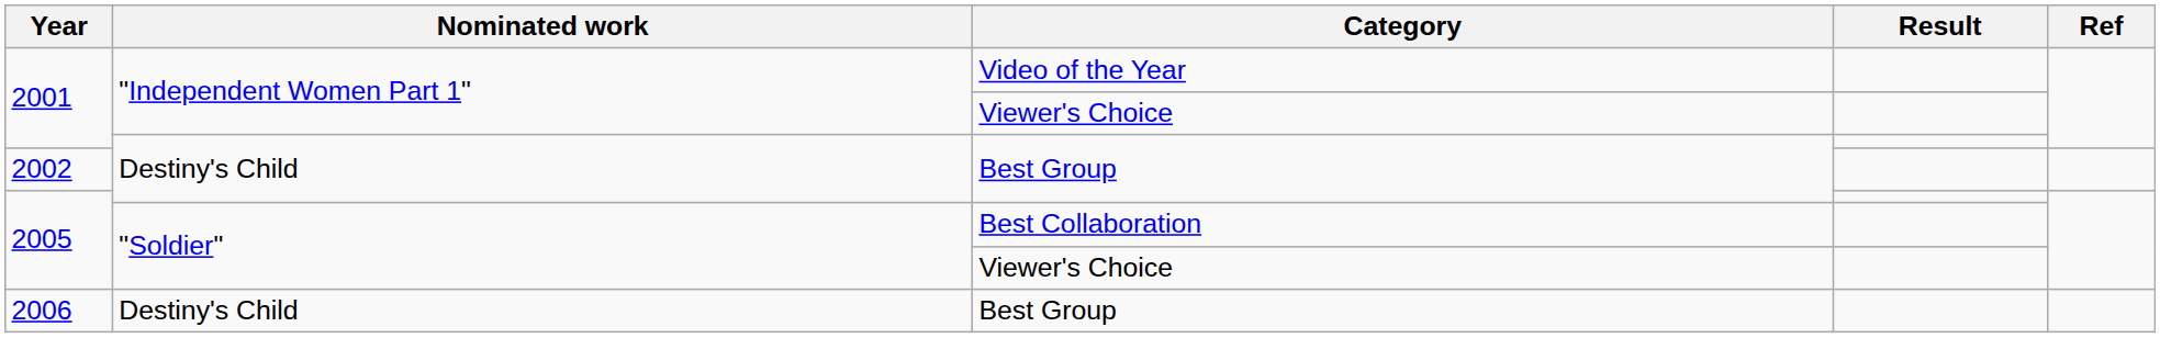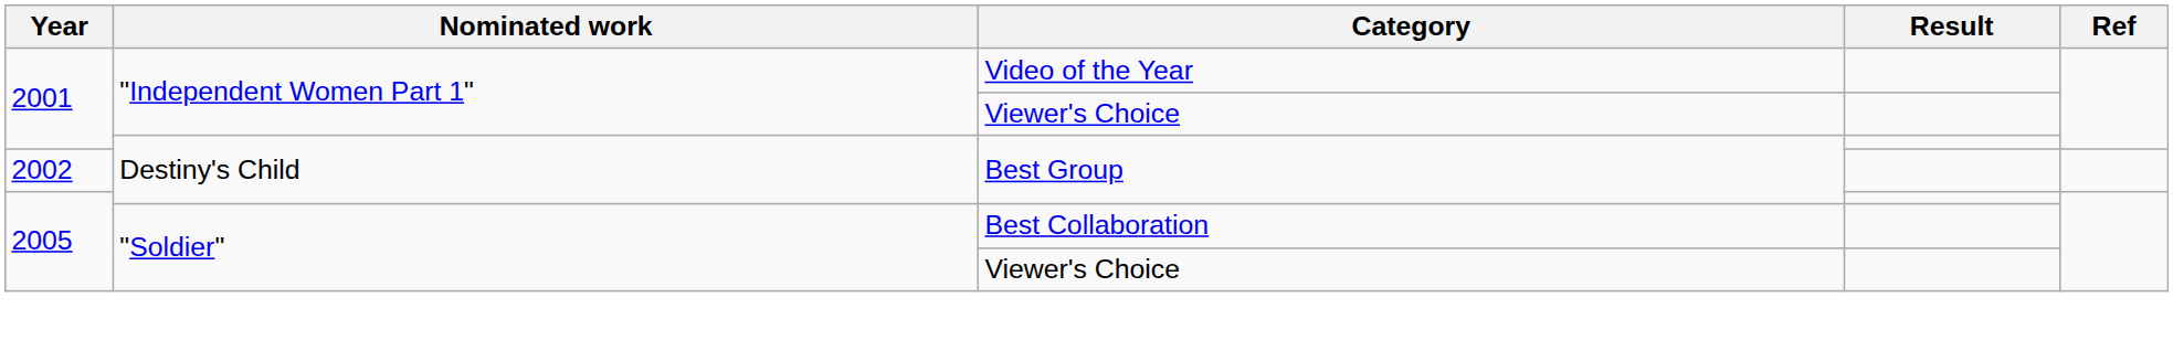 <table class="wikitable" width="100%">
 <tr>
 <th width="5%">Year</th>
 <th width="40%">Nominated work</th>
 <th width="40%">Category</th>
 <th width="10%">Result</th>
 <th width="5%">Ref</th>
 </tr>
 <tr>
 <td rowspan="3"><a href='#'>2001</a></td>
 <td rowspan="2">"<a href='#'>Independent Women Part 1</a>"</td>
 <td><a href='#'>Video of the Year</a></td>
 <td></td>
 <td rowspan="3"></td>
 </tr>
 <tr>
 <td><a href='#'>Viewer's Choice</a></td>
 <td></td>
 </tr>
 <tr>
 <td rowspan="3">Destiny's Child</td>
 <td rowspan="3"><a href='#'>Best Group</a></td>
 <td></td>
 </tr>
 <tr>
 <td><a href='#'>2002</a></td>
 <td></td>
 <td></td>
 </tr>
 <tr>
 <td rowspan="3"><a href='#'>2005</a></td>
 <td></td>
 <td rowspan="3"></td>
 </tr>
 <tr>
 <td rowspan="2">"<a href='#'>Soldier</a>" </td>
 <td><a href='#'>Best Collaboration</a></td>
 <td></td>
 </tr>
 <tr>
 <td>Viewer's Choice</td>
 <td></td>
 </tr>
-<tr>
-<td><a href='#'>2006</a></td>
-<td>Destiny's Child</td>
-<td>Best Group</td>
-<td></td>
-<td></td>
-</tr>
 </table>
